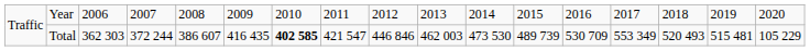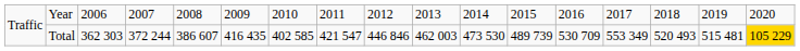 <table class="wikitable">
 <tr>
 <td rowspan="2">Traffic</td>
 <td>Year</td>
 <td>2006</td>
 <td>2007</td>
 <td>2008</td>
 <td>2009</td>
 <td>2010</td>
 <td>2011</td>
 <td>2012</td>
 <td>2013</td>
 <td>2014</td>
 <td>2015</td>
 <td>2016</td>
 <td>2017</td>
 <td>2018</td>
 <td>2019</td>
 <td>2020</td>
 </tr>
 <tr>
 <td>Total</td>
 <td>362 303</td>
 <td>372 244</td>
 <td>386 607</td>
 <td>416 435</td>
-<td><strong>402 585</strong></td>
+<td>402 585</td>
 <td>421 547</td>
 <td>446 846</td>
 <td>462 003</td>
 <td>473 530</td>
 <td>489 739</td>
 <td>530 709</td>
 <td>553 349</td>
 <td>520 493</td>
 <td>515 481</td>
-<td>105 229</td>
+<td style="background: gold;">105 229</td>
 </tr>
 </table>
